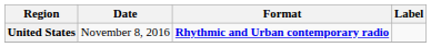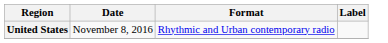 <table class="wikitable plainrowheaders">
 <tr>
 <th scope="col">Region</th>
 <th scope="col">Date</th>
 <th scope="col">Format</th>
 <th scope="col">Label</th>
 </tr>
 <tr>
 <th scope="row">United States</th>
 <td>November 8, 2016</td>
-<td><strong><a href='#'>Rhythmic and Urban contemporary radio</a></strong></td>
+<td><a href='#'>Rhythmic and Urban contemporary radio</a></td>
 <td></td>
 </tr>
 <tr>
 </tr>
 </table>
